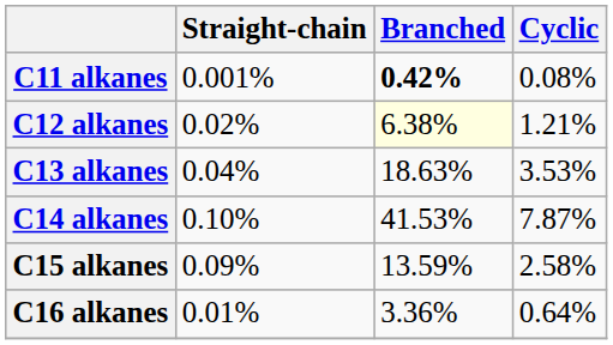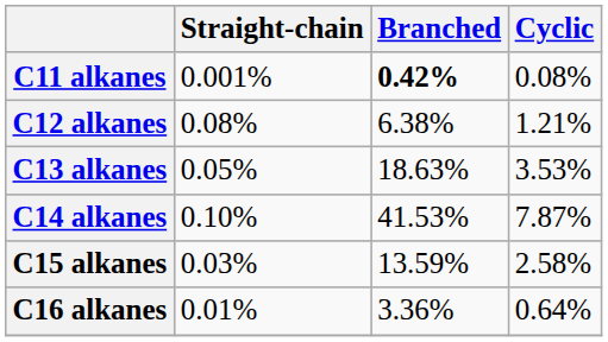 <table class="wikitable sortable">
 <tr>
 <th></th>
 <th>Straight-chain</th>
 <th><a href='#'>Branched</a></th>
 <th><a href='#'>Cyclic</a></th>
 </tr>
 <tr>
 <th><a href='#'>C11 alkanes</a></th>
 <td>0.001%</td>
 <td><strong>0.42%</strong></td>
 <td>0.08%</td>
 </tr>
 <tr>
 <th><a href='#'>C12 alkanes</a></th>
-<td>0.02%</td>
-<td style="background: lightyellow;">6.38%</td>
+<td>0.08%</td>
+<td>6.38%</td>
 <td>1.21%</td>
 </tr>
 <tr>
 <th><a href='#'>C13 alkanes</a></th>
-<td>0.04%</td>
+<td>0.05%</td>
 <td>18.63%</td>
 <td>3.53%</td>
 </tr>
 <tr>
 <th><a href='#'>C14 alkanes</a></th>
 <td>0.10%</td>
 <td>41.53%</td>
 <td>7.87%</td>
 </tr>
 <tr>
 <th>C15 alkanes</th>
-<td>0.09%</td>
+<td>0.03%</td>
 <td>13.59%</td>
 <td>2.58%</td>
 </tr>
 <tr>
 <th>C16 alkanes</th>
 <td>0.01%</td>
 <td>3.36%</td>
 <td>0.64%</td>
 </tr>
 <tr>
 </tr>
 </table>
